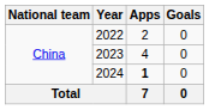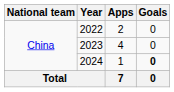 <table class=wikitable style=text-align:center>
 <tr>
 <th>National team</th>
 <th>Year</th>
 <th>Apps</th>
 <th>Goals</th>
 </tr>
 <tr>
 <td rowspan="3"><a href='#'>China</a></td>
 <td>2022</td>
 <td>2</td>
 <td>0</td>
 </tr>
 <tr>
 <td>2023</td>
 <td>4</td>
 <td>0</td>
 </tr>
 <tr>
 <td>2024</td>
-<td><strong>1</strong></td>
-<td>0</td>
+<td>1</td>
+<td><strong>0</strong></td>
 </tr>
 <tr>
 <th colspan=2>Total</th>
 <th>7</th>
 <th>0</th>
 </tr>
 </table>
